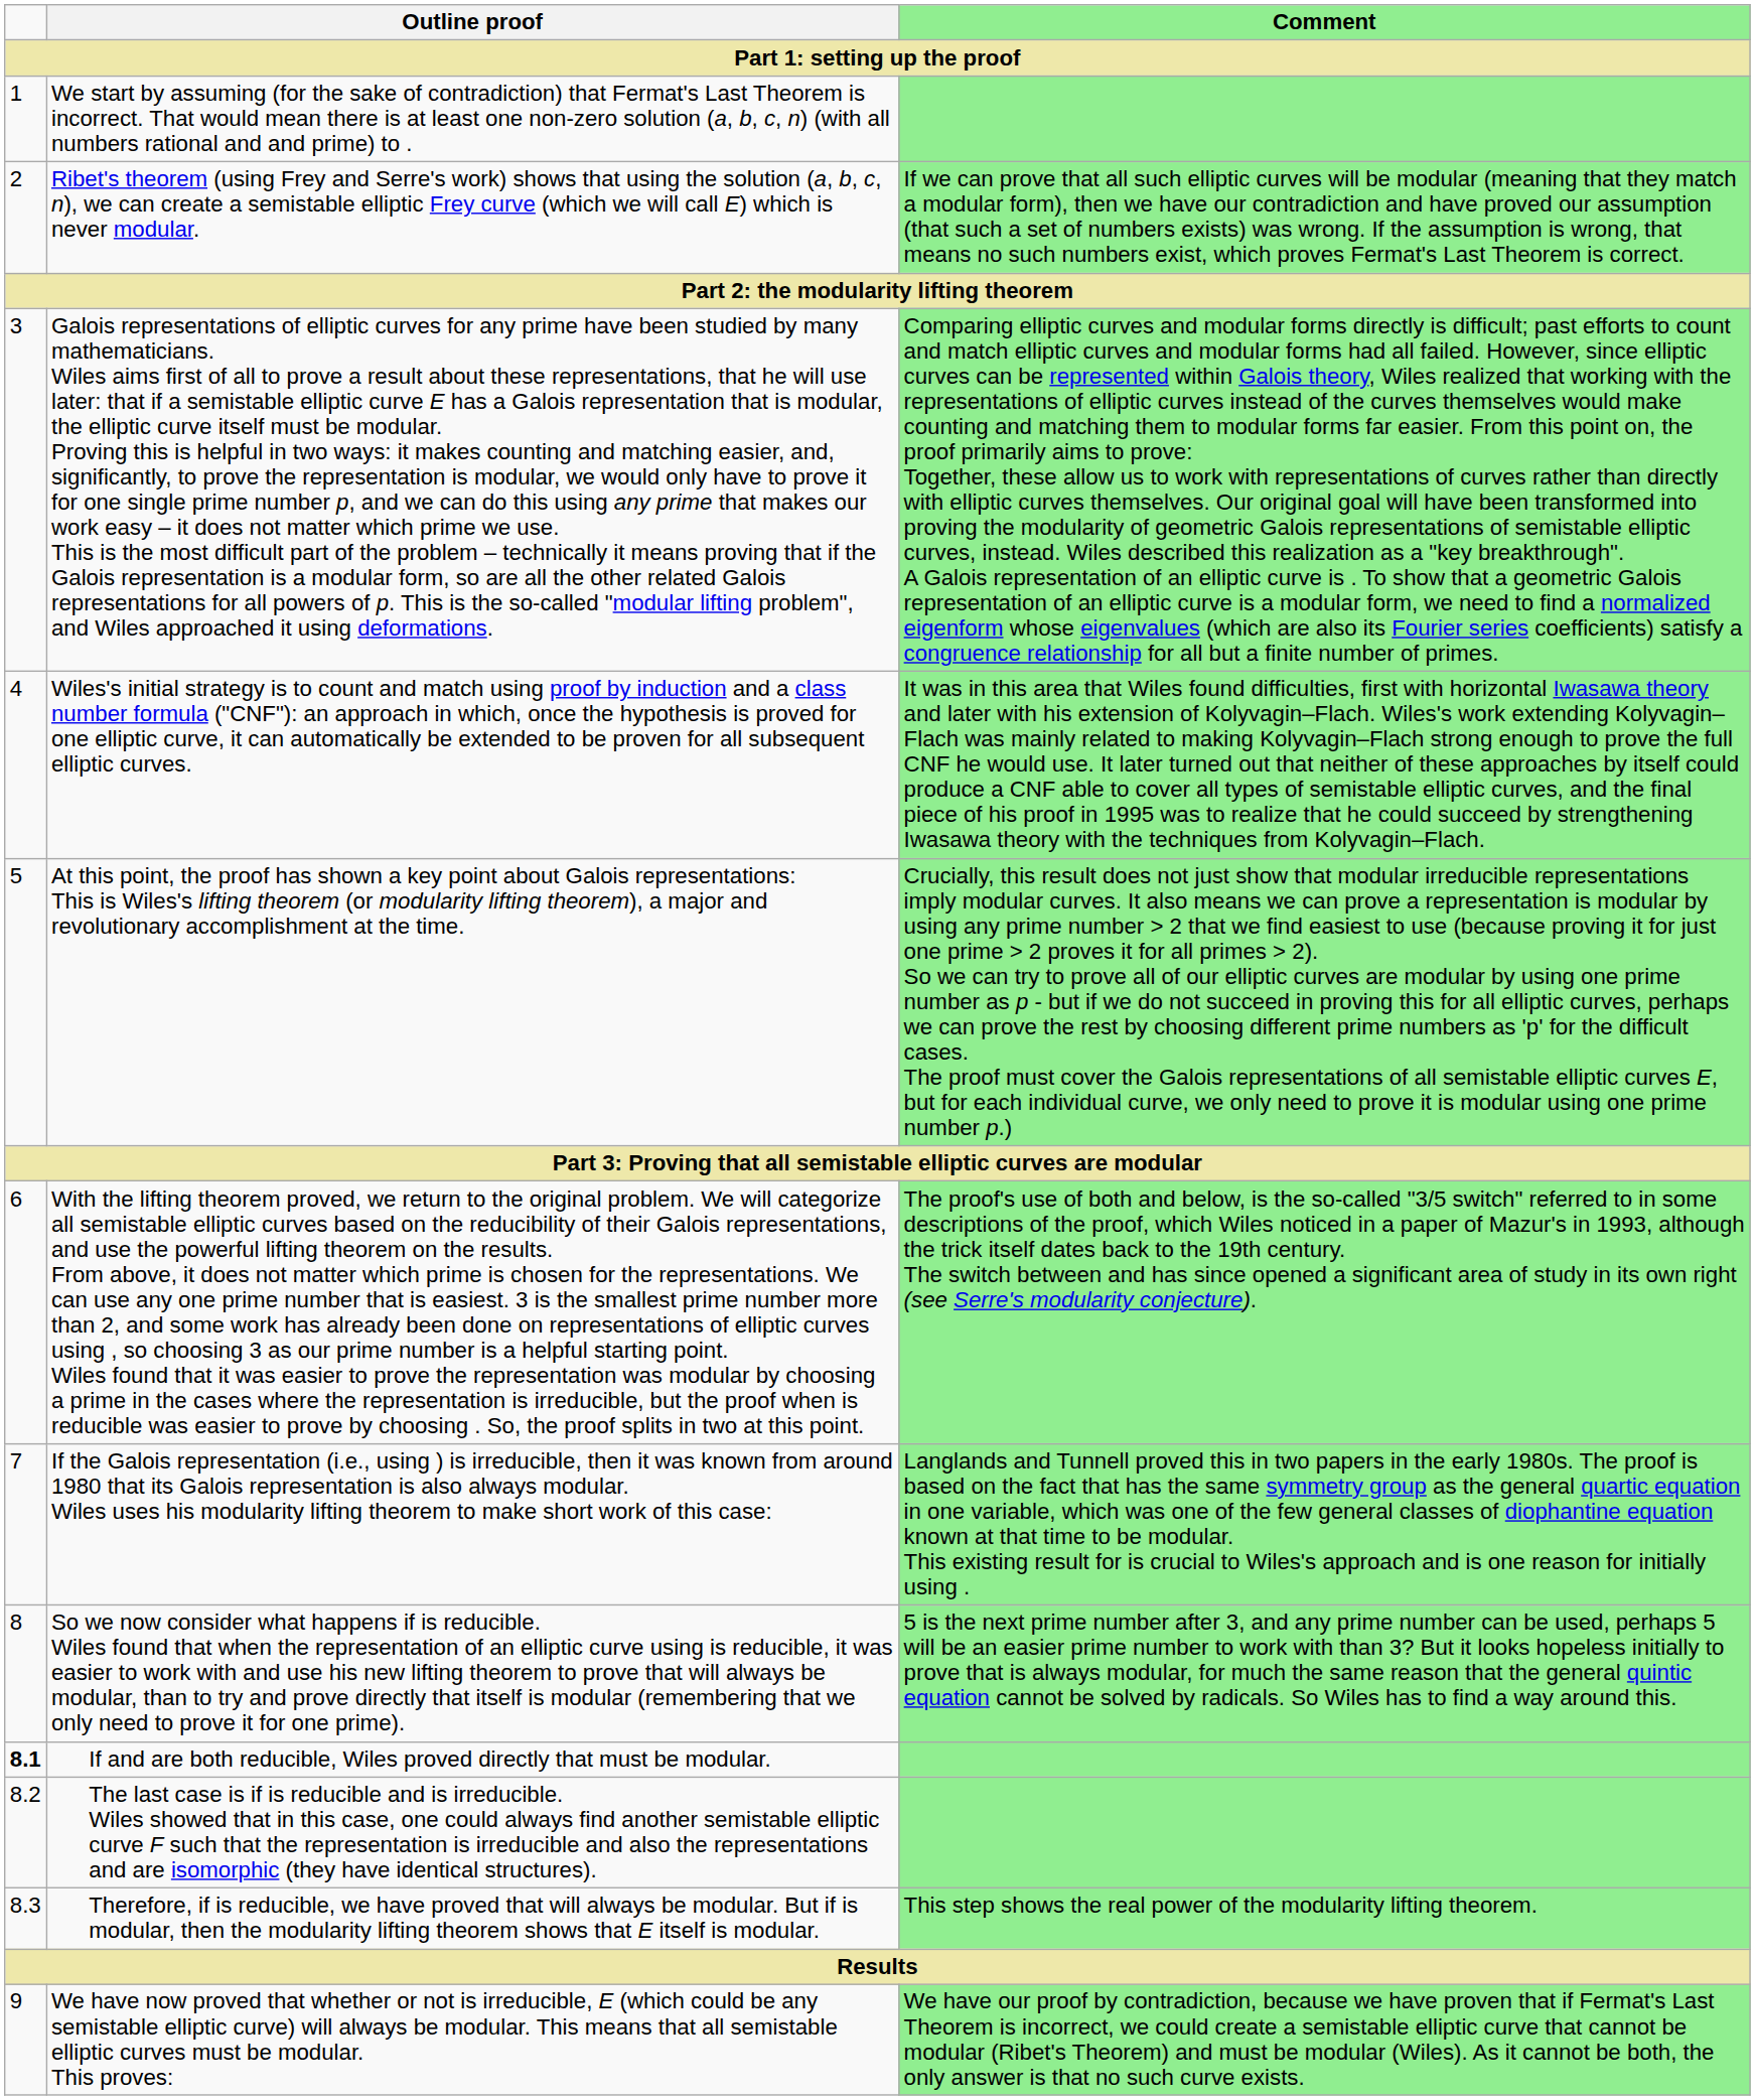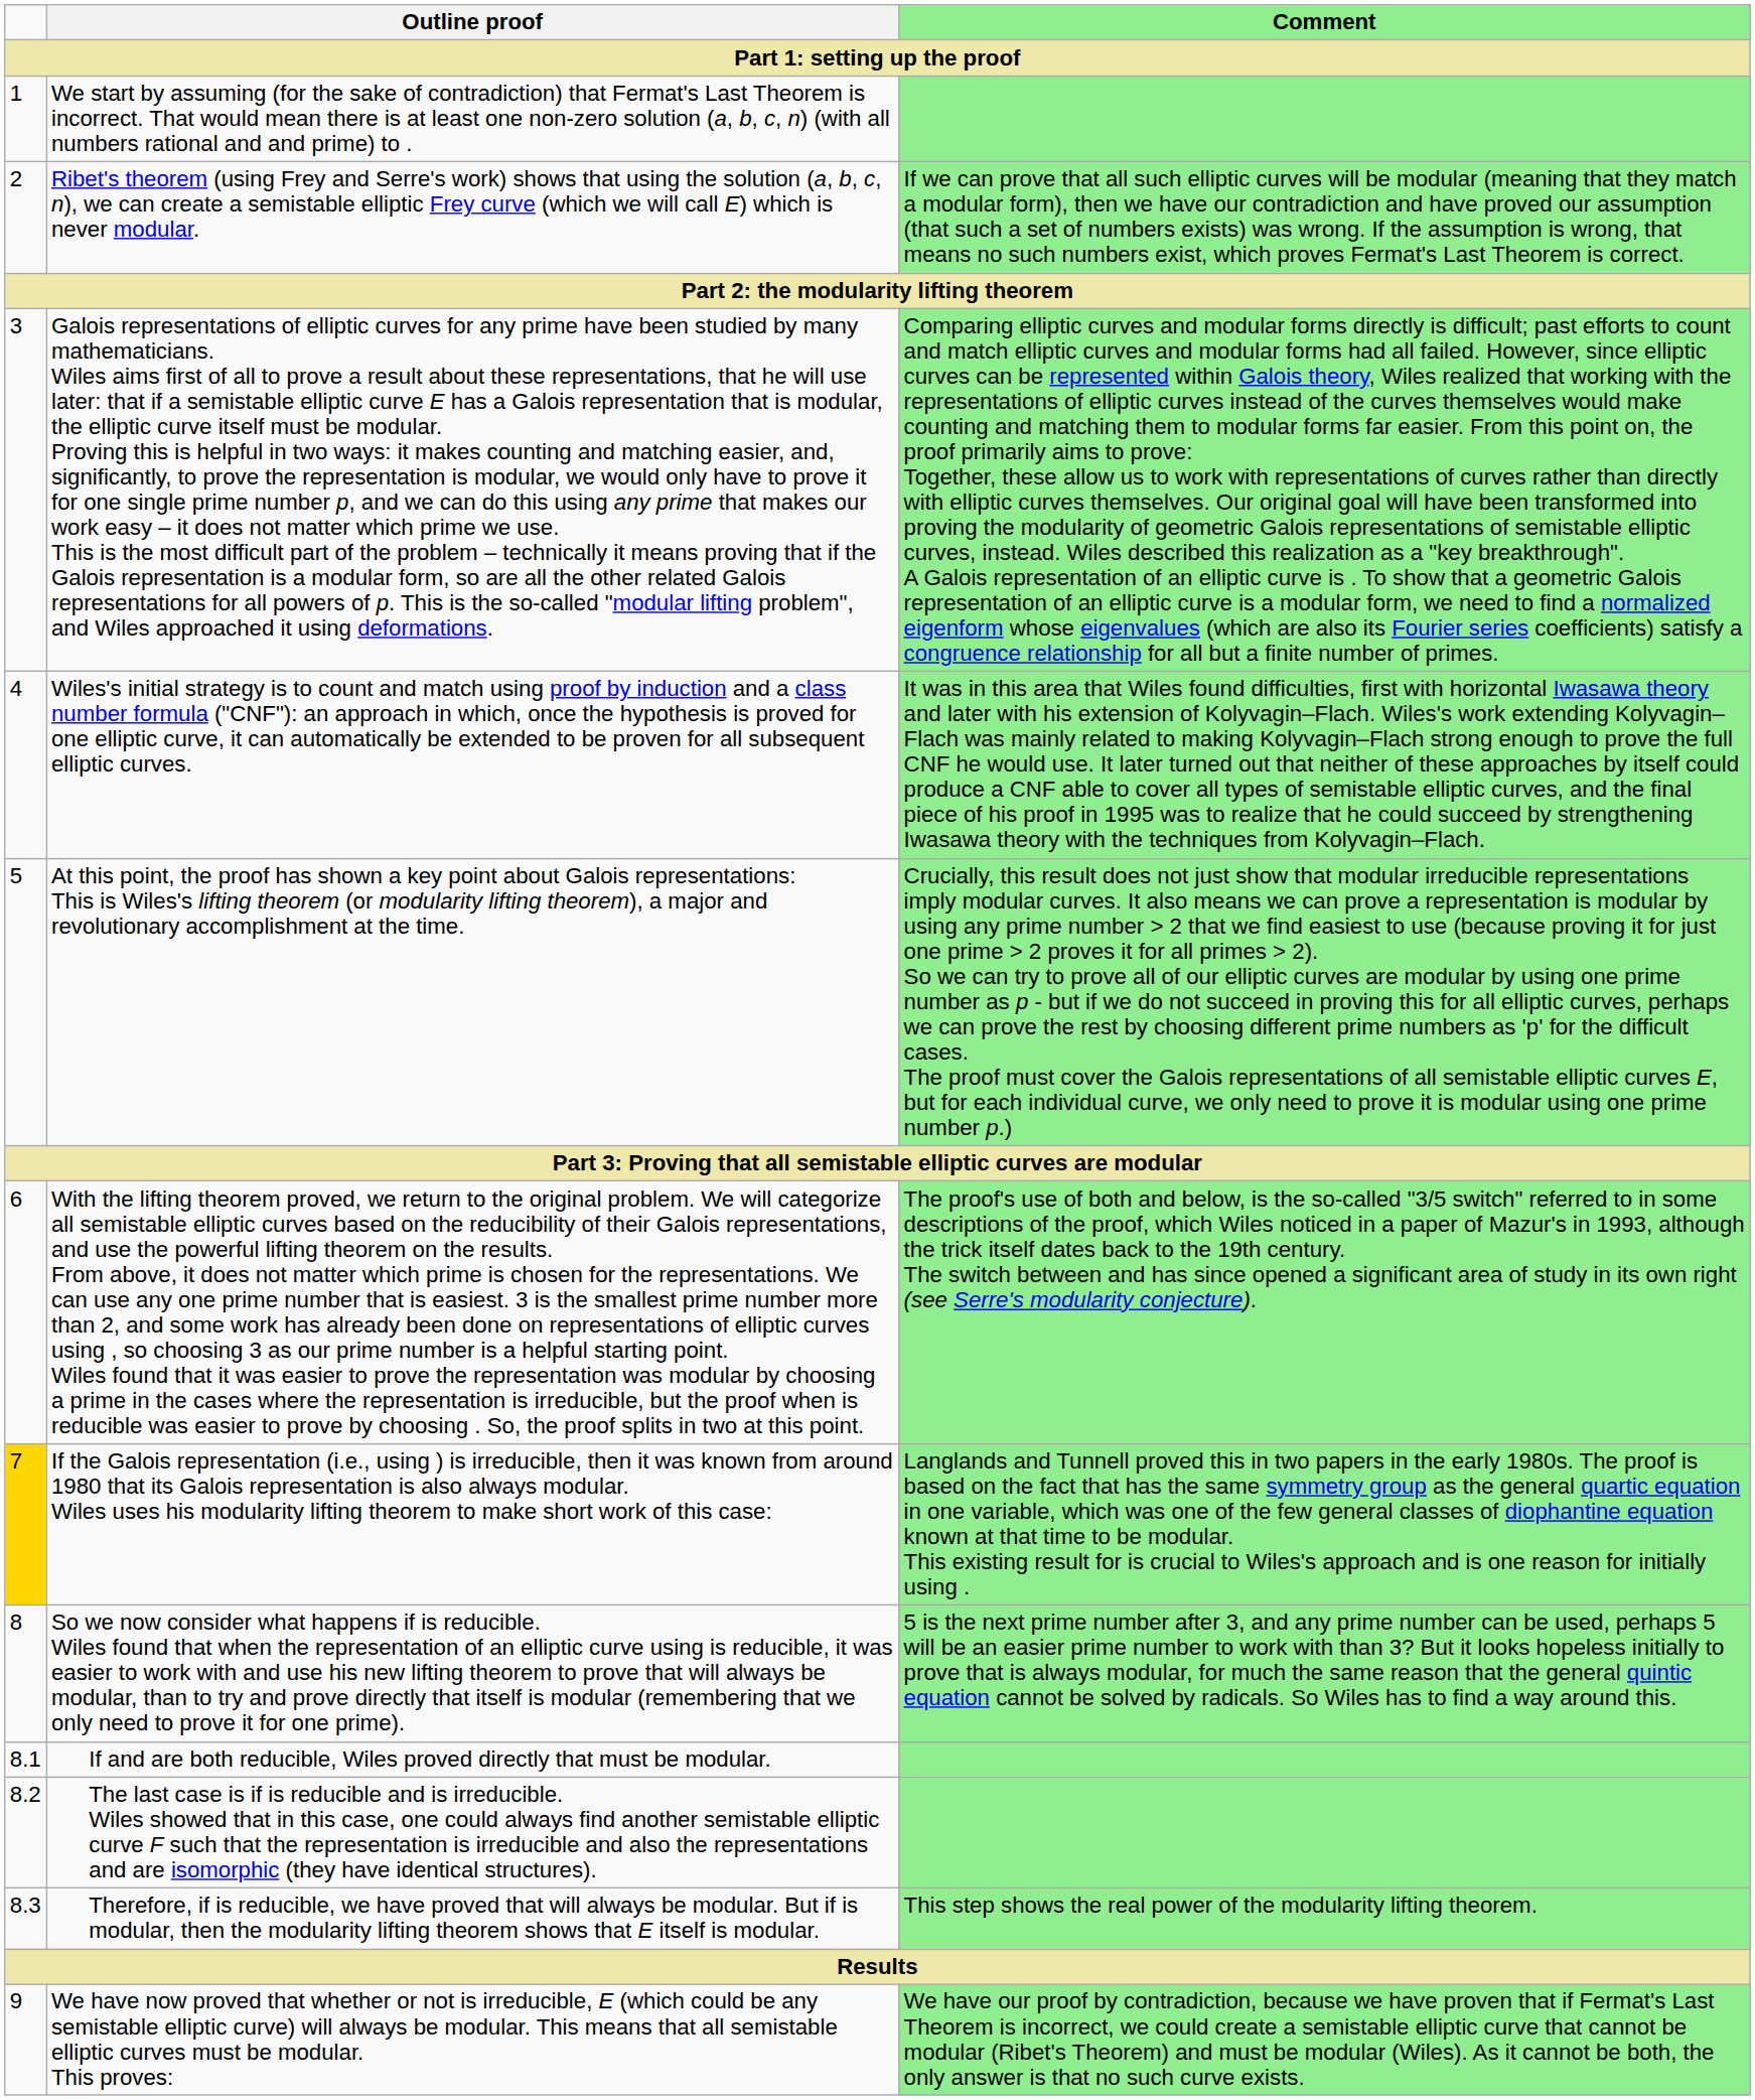 <table class="wikitable" style="border:none" valign="top">
 <tr>
 <td> </td>
 <th style="text-align:center" width="50%">Outline proof</th>
 <th style="text-align:center;background-color:lightgreen" width="50%">Comment</th>
 </tr>
 <tr valign="top">
 <th colspan="3" style="text-align:center; background-color:PaleGoldenrod">Part 1: setting up the proof</th>
 </tr>
 <tr valign="top">
 <td>1</td>
 <td>We start by assuming (for the sake of contradiction) that Fermat's Last Theorem is incorrect. That would mean there is at least one non-zero solution (<em>a</em>, <em>b</em>, <em>c</em>, <em>n</em>) (with all numbers rational and  and prime) to .</td>
 <td style="background-color:lightgreen"> </td>
 </tr>
 <tr valign="top">
 <td>2</td>
 <td><a href='#'>Ribet's theorem</a> (using Frey and Serre's work) shows that using the solution (<em>a</em>, <em>b</em>, <em>c</em>, <em>n</em>), we can create a semistable elliptic <a href='#'>Frey curve</a> (which we will call <em>E</em>)  which is never <a href='#'>modular</a>.</td>
 <td style="background-color:lightgreen">If we can prove that all such elliptic curves will be modular (meaning that they match a modular form), then we have our contradiction and have proved our assumption (that such a set of numbers exists) was wrong. If the assumption is wrong, that means no such numbers exist, which proves Fermat's Last Theorem is correct.</td>
 </tr>
 <tr valign="top">
 <th colspan="3" style="text-align:center; background-color:PaleGoldenrod">Part 2: the modularity lifting theorem</th>
 </tr>
 <tr valign="top">
 <td>3</td>
 <td>Galois representations of elliptic curves  for any prime  have been studied by many mathematicians.<br>Wiles aims first of all to prove a result about these representations, that he will use later: that if a semistable elliptic curve <em>E</em> has a Galois representation  that is modular, the elliptic curve itself must be modular.<br>Proving this is helpful in two ways: it makes counting and matching easier, and, significantly, to prove the representation is modular, we would only have to prove it for one single prime number <em>p</em>, and we can do this using <em>any prime</em> that makes our work easy – it does not matter which prime we use.<br>This is the most difficult part of the problem – technically it means proving that if the Galois representation  is a modular form, so are all the other related Galois representations  for all powers of <em>p</em>.  This is the so-called "<a href='#'>modular lifting</a> problem", and Wiles approached it using <a href='#'>deformations</a>.</td>
 <td style="background-color:lightgreen">Comparing elliptic curves and modular forms directly is difficult; past efforts to count and match elliptic curves and modular forms had all failed. However, since elliptic curves can be <a href='#'>represented</a> within <a href='#'>Galois theory</a>, Wiles realized that working with the representations of elliptic curves instead of the curves themselves would make counting and matching them to modular forms far easier. From this point on, the proof primarily aims to prove:<br>Together, these allow us to work with representations of curves rather than directly with elliptic curves themselves. Our original goal will have been transformed into proving the modularity of geometric Galois representations of semistable elliptic curves, instead. Wiles described this realization as a "key breakthrough".<br>A Galois representation of an elliptic curve is .  To show that a geometric Galois representation of an elliptic curve is a modular form, we need to find a <a href='#'>normalized eigenform</a> whose <a href='#'>eigenvalues</a> (which are also its <a href='#'>Fourier series</a> coefficients) satisfy a <a href='#'>congruence relationship</a> for all but a finite number of primes.</td>
 </tr>
 <tr valign="top">
 <td>4</td>
 <td>Wiles's initial strategy is to count and match using <a href='#'>proof by induction</a> and a <a href='#'>class number formula</a> ("CNF"): an approach in which, once the hypothesis is proved for one elliptic curve, it can automatically be extended to be proven for all subsequent elliptic curves.</td>
 <td style="background-color:lightgreen">It was in this area that Wiles found difficulties, first with horizontal <a href='#'>Iwasawa theory</a> and later with his extension of Kolyvagin–Flach. Wiles's work extending Kolyvagin–Flach was mainly related to making Kolyvagin–Flach strong enough to prove the full CNF he would use. It later turned out that neither of these approaches by itself could produce a CNF able to cover all types of semistable elliptic curves, and the final piece of his proof in 1995 was to realize that he could succeed by strengthening Iwasawa theory with the techniques from Kolyvagin–Flach.</td>
 </tr>
 <tr valign="top">
 <td>5</td>
 <td>At this point, the proof has shown a key point about Galois representations:<br>This is Wiles's <em>lifting theorem</em> (or <em>modularity lifting theorem</em>), a major and revolutionary accomplishment at the time.</td>
 <td style="background-color:lightgreen">Crucially, this result does not just show that modular irreducible representations imply modular curves. It also means we can prove a representation is modular by using any prime number > 2 that we find easiest to use (because proving it for just one prime > 2 proves it for all primes > 2).<br>So we can try to prove all of our elliptic curves are modular by using one prime number as <em>p</em> - but if we do not succeed in proving this for all elliptic curves, perhaps we can prove the rest by choosing different prime numbers as 'p' for the difficult cases.<br>The proof must cover the Galois representations of all semistable elliptic curves <em>E</em>, but for each individual curve, we only need to prove it is modular using one prime number <em>p</em>.)</td>
 </tr>
 <tr>
 <th colspan = "3" style="text-align:center;background-color:PaleGoldenrod">Part 3: Proving that all semistable elliptic curves are modular</th>
 </tr>
 <tr valign="top">
 <td>6</td>
 <td>With the lifting theorem proved, we return to the original problem. We will categorize all semistable elliptic curves based on the reducibility of their Galois representations, and use the powerful lifting theorem on the results.<br>From above, it does not matter which prime is chosen for the representations. We can use any one prime number that is easiest. 3 is the smallest prime number more than 2, and some work has already been done on representations of elliptic curves using , so choosing 3 as our prime number is a helpful starting point.<br>Wiles found that it was easier to prove the representation was modular by choosing a prime  in the cases where the representation  is irreducible, but the proof when  is reducible was easier to prove by choosing . So, the proof splits in two at this point.</td>
 <td style="background-color:lightgreen">The proof's use of both  and  below, is the so-called "3/5 switch" referred to in some descriptions of the proof, which Wiles noticed in a paper of Mazur's in 1993, although the trick itself dates back to the 19th century.<br>The switch between  and  has since opened a significant area of study in its own right <em>(see <a href='#'>Serre's modularity conjecture</a>)</em>.</td>
 </tr>
 <tr valign="top">
-<td>7</td>
+<td style="background: gold;">7</td>
 <td>If the Galois representation  (i.e., using ) is irreducible, then it was known from around 1980 that its Galois representation is also always modular.<br>Wiles uses his modularity lifting theorem to make short work of this case:</td>
 <td style="background-color:lightgreen">Langlands and Tunnell proved this in two papers in the early 1980s. The proof is based on the fact that  has the same <a href='#'>symmetry group</a> as the general <a href='#'>quartic equation</a> in one variable, which was one of the few general classes of <a href='#'>diophantine equation</a> known at that time to be modular.<br>This existing result for  is crucial to Wiles's approach and is one reason for initially using .</td>
 </tr>
 <tr valign="top">
 <td>8</td>
 <td>So we now consider what happens if  is reducible.<br>Wiles found that when the representation of an elliptic curve using  is reducible, it was easier to work with  and use his new lifting theorem to prove that  will always be modular, than to try and prove directly that  itself is modular (remembering that we only need to prove it for one prime).</td>
 <td style="background-color:lightgreen">5 is the next prime number after 3, and any prime number can be used, perhaps 5 will be an easier prime number to work with than 3? But it looks hopeless initially to prove that  is always modular, for much the same reason that the general <a href='#'>quintic equation</a> cannot be solved by radicals. So Wiles has to find a way around this.</td>
 </tr>
 <tr valign="top">
-<td><strong>8.1</strong></td>
+<td>8.1</td>
 <td style="padding-left:30px">If  and  are both reducible, Wiles proved directly that  must be modular.</td>
 <td style="background-color:lightgreen"> </td>
 </tr>
 <tr valign="top">
 <td>8.2</td>
 <td style="padding-left:30px">The last case is if  is reducible and  is irreducible.<br>Wiles showed that in this case, one could always find another semistable elliptic curve <em>F</em> such that the representation  is irreducible and also the representations  and  are <a href='#'>isomorphic</a> (they have identical structures).</td>
 <td style="background-color:lightgreen"> </td>
 </tr>
 <tr valign="top">
 <td>8.3</td>
 <td style="padding-left:30px">Therefore, if  is reducible, we have proved that  will always be modular. But if  is modular, then the modularity lifting theorem shows that <em>E</em> itself is modular.</td>
 <td style="background-color:lightgreen">This step shows the real power of the modularity lifting theorem.</td>
 </tr>
 <tr valign="top">
 <th colspan="3" style="text-align:center;background-color:PaleGoldenrod">Results</th>
 </tr>
 <tr valign="top">
 <td>9</td>
 <td>We have now proved that whether or not  is irreducible, <em>E</em> (which could be any semistable elliptic curve) will always be modular. This means that all semistable elliptic curves must be modular.<br>This proves:</td>
 <td style="background-color:lightgreen">We have our proof by contradiction, because we have proven that if Fermat's Last Theorem is incorrect, we could create a semistable elliptic curve that cannot be modular (Ribet's Theorem) and must be modular (Wiles). As it cannot be both, the only answer is that no such curve exists.</td>
 </tr>
 </table>
